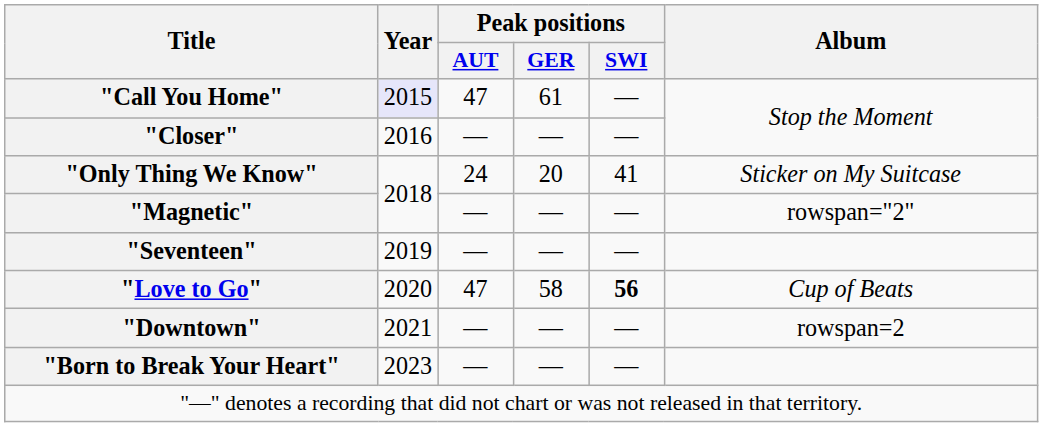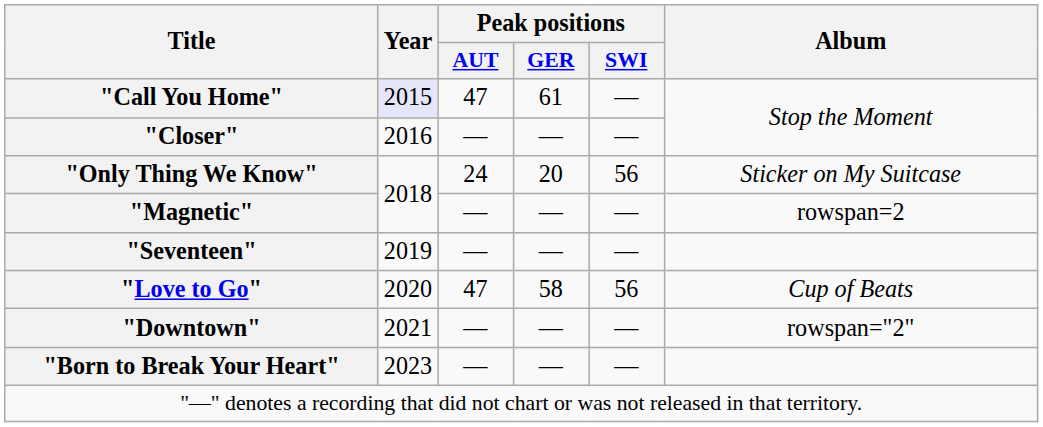 <table class="wikitable plainrowheaders" style="text-align:center;">
 <tr>
 <th align="center" rowspan="2" style="width:15em;">Title</th>
 <th align="center" rowspan="2" width="10">Year</th>
 <th align="center" colspan="3" width="20">Peak positions</th>
 <th align="center" rowspan="2" style="width:15em;">Album</th>
 </tr>
 <tr>
 <th scope="col" style="width:3em;font-size:90%;"><a href='#'>AUT</a><br></th>
 <th scope="col" style="width:3em;font-size:90%;"><a href='#'>GER</a><br></th>
 <th scope="col" style="width:3em;font-size:90%;"><a href='#'>SWI</a><br></th>
 </tr>
 <tr>
 <th scope="row">"Call You Home"</th>
 <td style="background: lavender;">2015</td>
 <td>47</td>
 <td>61</td>
 <td>—</td>
 <td rowspan="2"><em>Stop the Moment</em></td>
 </tr>
 <tr>
 <th scope="row">"Closer"</th>
 <td>2016</td>
 <td>—</td>
 <td>—</td>
 <td>—</td>
 </tr>
 <tr>
 <th scope="row">"Only Thing We Know"<br></th>
 <td rowspan="2">2018</td>
 <td>24</td>
 <td>20</td>
-<td>41</td>
+<td>56</td>
 <td><em>Sticker on My Suitcase</em></td>
 </tr>
 <tr>
 <th scope="row">"Magnetic"<br></th>
 <td>—</td>
 <td>—</td>
 <td>—</td>
-<td>rowspan="2" </td>
+<td>rowspan=2</td>
 </tr>
 <tr>
 <th scope="row">"Seventeen"<br></th>
 <td>2019</td>
 <td>—</td>
 <td>—</td>
 <td>—</td>
 </tr>
 <tr>
 <th scope="row">"<a href='#'>Love to Go</a>"<br></th>
 <td>2020</td>
 <td>47</td>
 <td>58</td>
-<td><strong>56</strong></td>
+<td>56</td>
 <td><em>Cup of Beats</em></td>
 </tr>
 <tr>
 <th scope="row">"Downtown" <br></th>
 <td>2021</td>
 <td>—</td>
 <td>—</td>
 <td>—</td>
-<td>rowspan=2</td>
+<td>rowspan="2" </td>
 </tr>
 <tr>
 <th scope="row">"Born to Break Your Heart"</th>
 <td>2023</td>
 <td>—</td>
 <td>—</td>
 <td>—</td>
 </tr>
 <tr>
 <td colspan="10" style="font-size:90%">"—" denotes a recording that did not chart or was not released in that territory.</td>
 </tr>
 </table>
